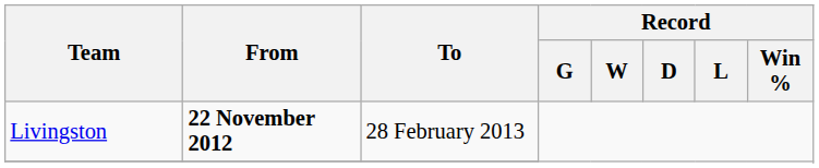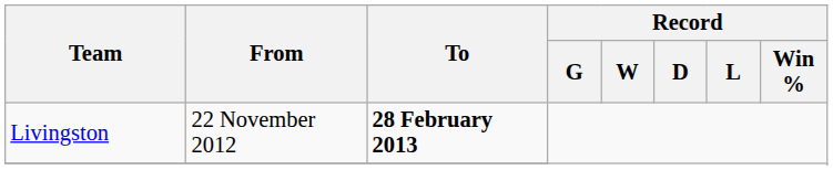 <table class="wikitable" style="text-align: center">
 <tr>
 <th rowspan=2 width=120>Team</th>
 <th rowspan=2 width=120>From</th>
 <th rowspan=2 width=120>To</th>
 <th colspan=5>Record</th>
 </tr>
 <tr>
 <th width=30>G</th>
 <th width=30>W</th>
 <th width=30>D</th>
 <th width=30>L</th>
 <th width=40>Win %</th>
 </tr>
 <tr>
 <td align=left><a href='#'>Livingston</a></td>
-<td align=left><strong>22 November 2012</strong></td>
-<td align=left>28 February 2013<br></td>
+<td align=left>22 November 2012</td>
+<td align=left><strong>28 February 2013<br></strong></td>
 </tr>
 <tr>
 </tr>
 </table>
